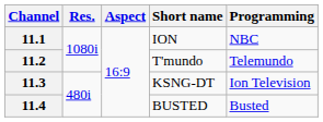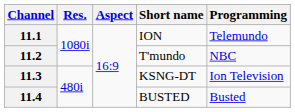 <table class="wikitable">
 <tr>
 <th scope = "col"><a href='#'>Channel</a></th>
 <th scope = "col"><a href='#'>Res.</a></th>
 <th scope = "col"><a href='#'>Aspect</a></th>
 <th scope = "col">Short name</th>
 <th scope = "col">Programming</th>
 </tr>
 <tr>
 <th scope = "row">11.1</th>
 <td rowspan=2><a href='#'>1080i</a></td>
 <td rowspan=4><a href='#'>16:9</a></td>
 <td>ION</td>
-<td><a href='#'>NBC</a></td>
+<td><a href='#'>Telemundo</a></td>
 </tr>
 <tr>
 <th scope = "row">11.2</th>
 <td>T'mundo</td>
-<td><a href='#'>Telemundo</a></td>
+<td><a href='#'>NBC</a></td>
 </tr>
 <tr>
 <th scope = "row">11.3</th>
 <td rowspan=2><a href='#'>480i</a></td>
 <td>KSNG-DT</td>
 <td><a href='#'>Ion Television</a></td>
 </tr>
 <tr>
 <th scope = "row">11.4</th>
 <td>BUSTED</td>
 <td><a href='#'>Busted</a></td>
 </tr>
 </table>
